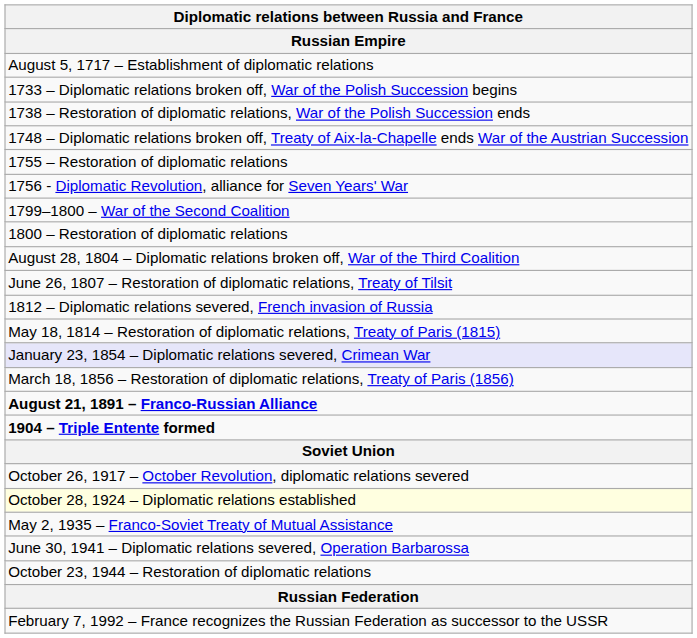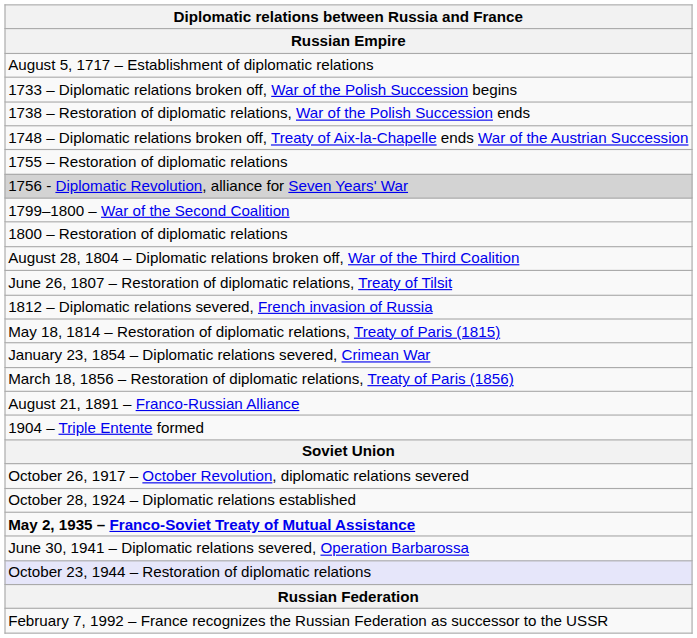 <table class="wikitable" align="right" style="font-size: 84%; margin:10px;">
 <tr>
 <th scope="col">Diplomatic relations between Russia and France</th>
 </tr>
 <tr>
 <th scope="col">Russian Empire </th>
 </tr>
 <tr>
 <td>August 5, 1717 – Establishment of diplomatic relations</td>
 </tr>
 <tr>
 <td>1733 – Diplomatic relations broken off, <a href='#'>War of the Polish Succession</a> begins</td>
 </tr>
 <tr>
 <td>1738 – Restoration of diplomatic relations, <a href='#'>War of the Polish Succession</a> ends</td>
 </tr>
 <tr>
 <td>1748 – Diplomatic relations broken off, <a href='#'>Treaty of Aix-la-Chapelle</a> ends <a href='#'>War of the Austrian Succession</a></td>
 </tr>
 <tr>
 <td>1755 – Restoration of diplomatic relations</td>
 </tr>
 <tr>
-<td>1756 - <a href='#'>Diplomatic Revolution</a>, alliance for <a href='#'>Seven Years' War</a></td>
+<td style="background: lightgrey;">1756 - <a href='#'>Diplomatic Revolution</a>, alliance for <a href='#'>Seven Years' War</a></td>
 </tr>
 <tr>
 <td>1799–1800 – <a href='#'>War of the Second Coalition</a></td>
 </tr>
 <tr>
 <td>1800 – Restoration of diplomatic relations</td>
 </tr>
 <tr>
 <td>August 28, 1804 – Diplomatic relations broken off, <a href='#'>War of the Third Coalition</a></td>
 </tr>
 <tr>
 <td>June 26, 1807 – Restoration of diplomatic relations, <a href='#'>Treaty of Tilsit</a></td>
 </tr>
 <tr>
 <td>1812 – Diplomatic relations severed, <a href='#'>French invasion of Russia</a></td>
 </tr>
 <tr>
 <td>May 18, 1814 – Restoration of diplomatic relations, <a href='#'>Treaty of Paris (1815)</a></td>
 </tr>
 <tr>
-<td style="background: lavender;">January 23, 1854 – Diplomatic relations severed, <a href='#'>Crimean War</a></td>
+<td>January 23, 1854 – Diplomatic relations severed, <a href='#'>Crimean War</a></td>
 </tr>
 <tr>
 <td>March 18, 1856 – Restoration of diplomatic relations, <a href='#'>Treaty of Paris (1856)</a></td>
 </tr>
 <tr>
-<td><strong>August 21, 1891 – <a href='#'>Franco-Russian Alliance</a></strong></td>
+<td>August 21, 1891 – <a href='#'>Franco-Russian Alliance</a></td>
 </tr>
 <tr>
-<td><strong>1904 – <a href='#'>Triple Entente</a> formed</strong></td>
+<td>1904 – <a href='#'>Triple Entente</a> formed</td>
 </tr>
 <tr>
 <th>Soviet Union </th>
 </tr>
 <tr>
 <td>October 26, 1917 – <a href='#'>October Revolution</a>, diplomatic relations severed</td>
 </tr>
 <tr>
-<td style="background: lightyellow;">October 28, 1924 – Diplomatic relations established</td>
+<td>October 28, 1924 – Diplomatic relations established</td>
 </tr>
 <tr>
-<td>May 2, 1935 – <a href='#'>Franco-Soviet Treaty of Mutual Assistance</a></td>
+<td><strong>May 2, 1935 – <a href='#'>Franco-Soviet Treaty of Mutual Assistance</a></strong></td>
 </tr>
 <tr>
 <td>June 30, 1941 – Diplomatic relations severed, <a href='#'>Operation Barbarossa</a></td>
 </tr>
 <tr>
-<td>October 23, 1944 – Restoration of diplomatic relations</td>
+<td style="background: lavender;">October 23, 1944 – Restoration of diplomatic relations</td>
 </tr>
 <tr>
 <th>Russian Federation </th>
 </tr>
 <tr>
 <td>February 7, 1992 – France recognizes the Russian Federation as successor to the USSR</td>
 </tr>
 </table>
